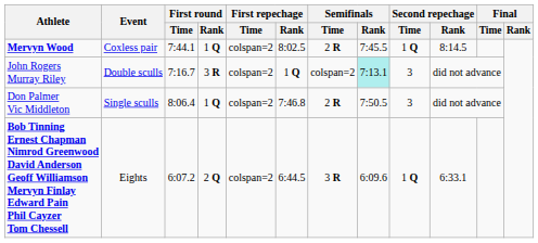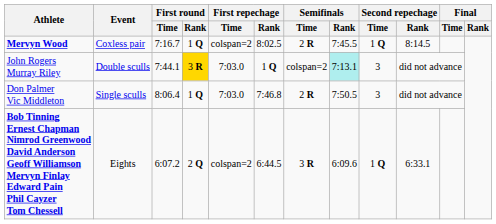 <table class="wikitable" style="font-size:90%">
 <tr>
 <th rowspan="2">Athlete</th>
 <th rowspan="2">Event</th>
 <th colspan="2">First round</th>
 <th colspan="2">First repechage</th>
 <th colspan="2">Semifinals</th>
 <th colspan="2">Second repechage</th>
 <th colspan="2">Final</th>
 </tr>
 <tr style="font-size:95%">
 <th>Time</th>
 <th>Rank</th>
 <th>Time</th>
 <th>Rank</th>
 <th>Time</th>
 <th>Rank</th>
 <th>Time</th>
 <th>Rank</th>
 <th>Time</th>
 <th>Rank</th>
 </tr>
 <tr align=center>
 <td align=left><strong><a href='#'>Mervyn Wood</a></strong></td>
 <td align=left><a href='#'>Coxless pair</a></td>
-<td>7:44.1</td>
+<td>7:16.7</td>
 <td>1 <strong>Q</strong></td>
 <td>colspan=2 </td>
 <td>8:02.5</td>
 <td>2 <strong>R</strong></td>
 <td>7:45.5</td>
 <td>1 <strong>Q</strong></td>
 <td>8:14.5</td>
 <td></td>
 </tr>
 <tr align=center>
 <td align=left><a href='#'>John Rogers</a><br><a href='#'>Murray Riley</a></td>
 <td align=left><a href='#'>Double sculls</a></td>
-<td>7:16.7</td>
-<td>3 <strong>R</strong></td>
-<td>colspan=2 </td>
+<td>7:44.1</td>
+<td style="background: gold;">3 <strong>R</strong></td>
+<td>7:03.0</td>
 <td>1 <strong>Q</strong></td>
 <td>colspan=2 </td>
 <td style="background: paleturquoise;">7:13.1</td>
 <td>3</td>
 <td colspan=2>did not advance</td>
 </tr>
 <tr align=center>
 <td align=left><a href='#'>Don Palmer</a><br><a href='#'>Vic Middleton</a></td>
 <td align=left><a href='#'>Single sculls</a></td>
 <td>8:06.4</td>
 <td>1 <strong>Q</strong></td>
-<td>colspan=2 </td>
+<td>7:03.0</td>
 <td>7:46.8</td>
 <td>2 <strong>R</strong></td>
 <td>7:50.5</td>
 <td>3</td>
 <td colspan=2>did not advance</td>
 </tr>
 <tr align=center>
 <td align=left><strong><a href='#'>Bob Tinning</a><br><a href='#'>Ernest Chapman</a><br><a href='#'>Nimrod Greenwood</a><br><a href='#'>David Anderson</a><br><a href='#'>Geoff Williamson</a><br><a href='#'>Mervyn Finlay</a><br><a href='#'>Edward Pain</a><br><a href='#'>Phil Cayzer</a><br><a href='#'>Tom Chessell</a></strong></td>
 <td>Eights</td>
 <td>6:07.2</td>
 <td>2 <strong>Q</strong></td>
 <td>colspan=2 </td>
 <td>6:44.5</td>
 <td>3 <strong>R</strong></td>
 <td>6:09.6</td>
 <td>1 <strong>Q</strong></td>
 <td>6:33.1</td>
 <td></td>
 </tr>
 </table>
